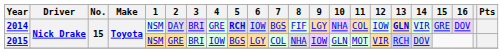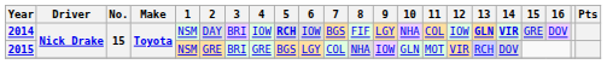 <table class="wikitable" style="text-align:center; font-size:75%">
 <tr>
 <th>Year</th>
 <th>Driver</th>
 <th>No.</th>
 <th>Make</th>
 <th>1</th>
 <th>2</th>
 <th>3</th>
 <th>4</th>
 <th>5</th>
 <th>6</th>
 <th>7</th>
 <th>8</th>
 <th>9</th>
 <th>10</th>
 <th>11</th>
 <th>12</th>
 <th>13</th>
 <th>14</th>
 <th>15</th>
 <th>16</th>
 <th></th>
 <th>Pts</th>
 </tr>
 <tr>
 <th><a href='#'>2014</a></th>
 <th rowspan=2><a href='#'>Nick Drake</a></th>
 <th rowspan=2>15</th>
 <th rowspan=2><a href='#'>Toyota</a></th>
 <td style="background-color:#DFFFDF"><a href='#'>NSM</a><br></td>
 <td style="background-color:#DFDFDF"><a href='#'>DAY</a><br></td>
 <td style="background-color:#EFCFFF"><a href='#'>BRI</a><br></td>
-<td style="background-color:#DFFFDF"><a href='#'>GRE</a><br></td>
+<td style="background-color:#DFFFDF"><a href='#'>IOW</a><br></td>
 <td style="background-color:#DFDFDF"><strong><a href='#'>RCH</a></strong><br></td>
 <td style="background-color:#DFDFDF"><a href='#'>IOW</a><br></td>
 <td style="background-color:#FFDF9F"><a href='#'>BGS</a><br></td>
 <td style="background-color:#DFFFDF"><a href='#'>FIF</a><br></td>
 <td style="background-color:#FFDF9F"><a href='#'>LGY</a><br></td>
 <td style="background-color:#EFCFFF"><a href='#'>NHA</a><br></td>
 <td style="background-color:#FFDF9F"><a href='#'>COL</a><br></td>
 <td style="background-color:#DFFFDF"><a href='#'>IOW</a><br></td>
 <td style="background-color:#FFDF9F"><strong><a href='#'>GLN</a><br></strong></td>
-<td style="background-color:#DFFFDF"><a href='#'>VIR</a><br></td>
+<td style="background-color:#DFFFDF"><strong><a href='#'>VIR</a><br></strong></td>
 <td style="background-color:#DFDFDF"><a href='#'>GRE</a><br></td>
 <td style="background-color:#EFCFFF"><a href='#'>DOV</a><br></td>
 <th></th>
 <th></th>
 </tr>
 <tr>
 <th><a href='#'>2015</a></th>
 <td style="background-color:#FFDF9F"><a href='#'>NSM</a><br></td>
 <td style="background-color:#FFDF9F"><a href='#'>GRE</a><br></td>
 <td style="background-color:#DFFFDF"><a href='#'>BRI</a><br></td>
-<td style="background-color:#DFFFDF"><a href='#'>IOW</a><br></td>
+<td style="background-color:#DFFFDF"><a href='#'>GRE</a><br></td>
 <td style="background-color:#FFDF9F"><a href='#'>BGS</a><br></td>
 <td style="background-color:#FFDF9F"><a href='#'>LGY</a><br></td>
 <td style="background-color:#DFFFDF"><a href='#'>COL</a><br></td>
 <td style="background-color:#DFDFDF"><a href='#'>NHA</a><br></td>
 <td style="background-color:#EFCFFF"><a href='#'>IOW</a><br></td>
 <td style="background-color:#DFFFDF"><a href='#'>GLN</a><br></td>
 <td style="background-color:#DFFFDF"><a href='#'>MOT</a><br></td>
 <td style="background-color:#FFDF9F"><a href='#'>VIR</a><br></td>
 <td style="background-color:#CFCFFF"><a href='#'>RCH</a><br></td>
 <td style="background-color:#DFDFDF"><a href='#'>DOV</a><br></td>
 <td colspan="2"></td>
 <th></th>
 <th></th>
 </tr>
 <tr>
 </tr>
 </table>
